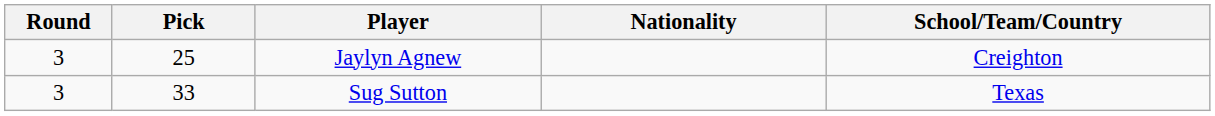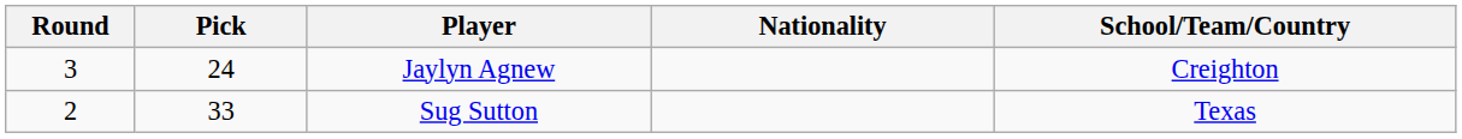 <table class="wikitable" style="text-align:center;">
 <tr>
 <th width="2%">Round</th>
 <th width="5%">Pick</th>
 <th width="10%">Player</th>
 <th width="10%">Nationality</th>
 <th width="10%">School/Team/Country</th>
 </tr>
 <tr>
 <td>3</td>
-<td>25</td>
+<td>24</td>
 <td><a href='#'>Jaylyn Agnew</a></td>
 <td></td>
 <td><a href='#'>Creighton</a></td>
 </tr>
 <tr>
-<td>3</td>
+<td>2</td>
 <td>33</td>
 <td><a href='#'>Sug Sutton</a></td>
 <td></td>
 <td><a href='#'>Texas</a></td>
 </tr>
 </table>
